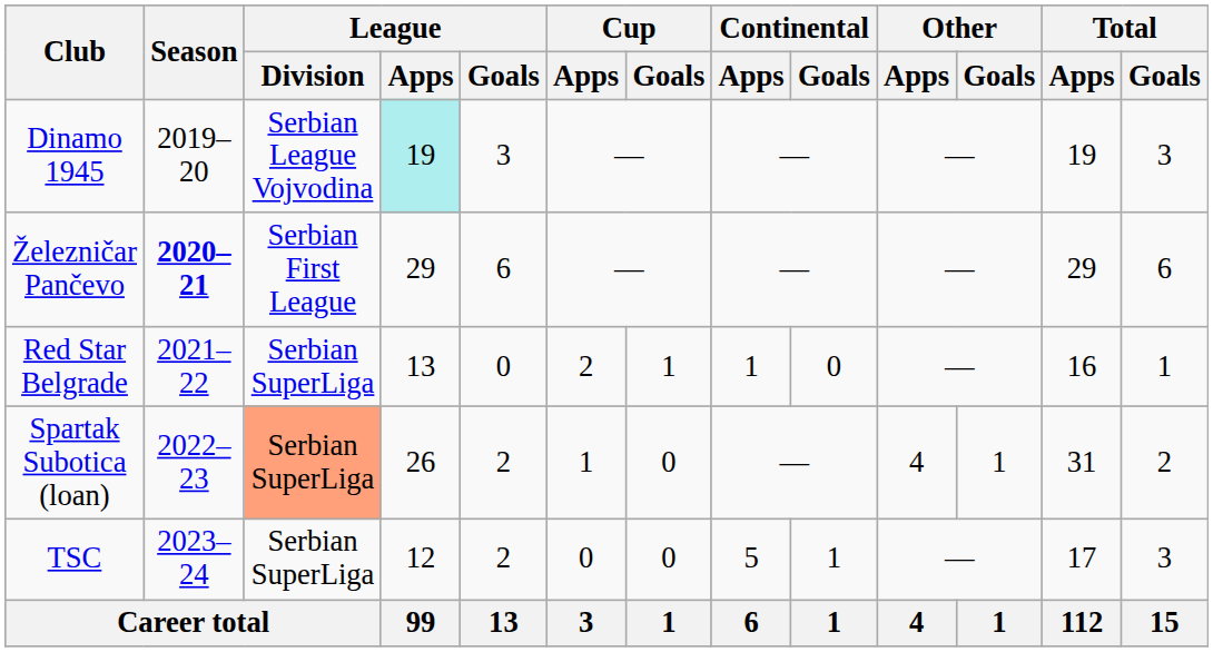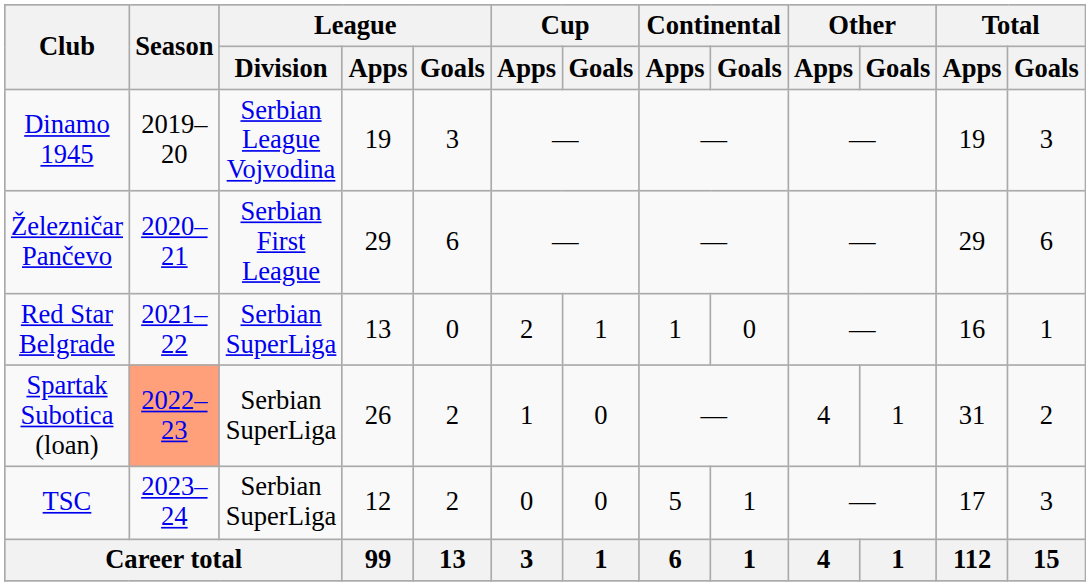 <table class="wikitable" style="text-align:center">
 <tr>
 <th rowspan="2">Club</th>
 <th rowspan="2">Season</th>
 <th colspan="3">League</th>
 <th colspan="2">Cup</th>
 <th colspan="2">Continental</th>
 <th colspan="2">Other</th>
 <th colspan="2">Total</th>
 </tr>
 <tr>
 <th>Division</th>
 <th>Apps</th>
 <th>Goals</th>
 <th>Apps</th>
 <th>Goals</th>
 <th>Apps</th>
 <th>Goals</th>
 <th>Apps</th>
 <th>Goals</th>
 <th>Apps</th>
 <th>Goals</th>
 </tr>
 <tr>
 <td><a href='#'>Dinamo 1945</a></td>
 <td>2019–20</td>
 <td><a href='#'>Serbian League Vojvodina</a></td>
-<td style="background: paleturquoise;">19</td>
+<td>19</td>
 <td>3</td>
 <td colspan="2">—</td>
 <td colspan="2">—</td>
 <td colspan="2">—</td>
 <td>19</td>
 <td>3</td>
 </tr>
 <tr>
 <td><a href='#'>Železničar Pančevo</a></td>
-<td><strong><a href='#'>2020–21</a></strong></td>
+<td><a href='#'>2020–21</a></td>
 <td><a href='#'>Serbian First League</a></td>
 <td>29</td>
 <td>6</td>
 <td colspan="2">—</td>
 <td colspan="2">—</td>
 <td colspan="2">—</td>
 <td>29</td>
 <td>6</td>
 </tr>
 <tr>
 <td><a href='#'>Red Star Belgrade</a></td>
 <td><a href='#'>2021–22</a></td>
 <td><a href='#'>Serbian SuperLiga</a></td>
 <td>13</td>
 <td>0</td>
 <td>2</td>
 <td>1</td>
 <td>1</td>
 <td>0</td>
 <td colspan="2">—</td>
 <td>16</td>
 <td>1</td>
 </tr>
 <tr>
 <td><a href='#'>Spartak Subotica</a> (loan)</td>
-<td><a href='#'>2022–23</a></td>
-<td style="background: lightsalmon;">Serbian SuperLiga</td>
+<td style="background: lightsalmon;"><a href='#'>2022–23</a></td>
+<td>Serbian SuperLiga</td>
 <td>26</td>
 <td>2</td>
 <td>1</td>
 <td>0</td>
 <td colspan="2">—</td>
 <td>4</td>
 <td>1</td>
 <td>31</td>
 <td>2</td>
 </tr>
 <tr>
 <td><a href='#'>TSC</a></td>
 <td><a href='#'>2023–24</a></td>
 <td>Serbian SuperLiga</td>
 <td>12</td>
 <td>2</td>
 <td>0</td>
 <td>0</td>
 <td>5</td>
 <td>1</td>
 <td colspan="2">—</td>
 <td>17</td>
 <td>3</td>
 </tr>
 <tr>
 <th colspan="3">Career total</th>
 <th>99</th>
 <th>13</th>
 <th>3</th>
 <th>1</th>
 <th>6</th>
 <th>1</th>
 <th>4</th>
 <th>1</th>
 <th>112</th>
 <th>15</th>
 </tr>
 </table>
